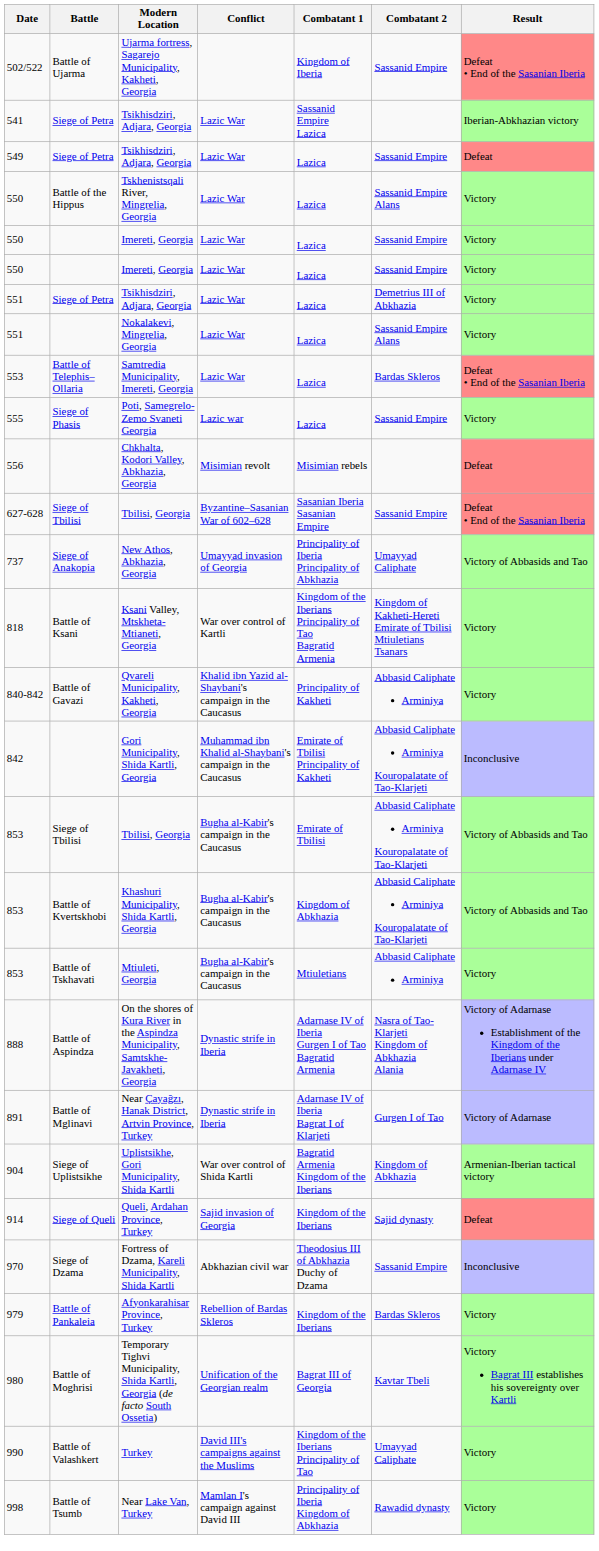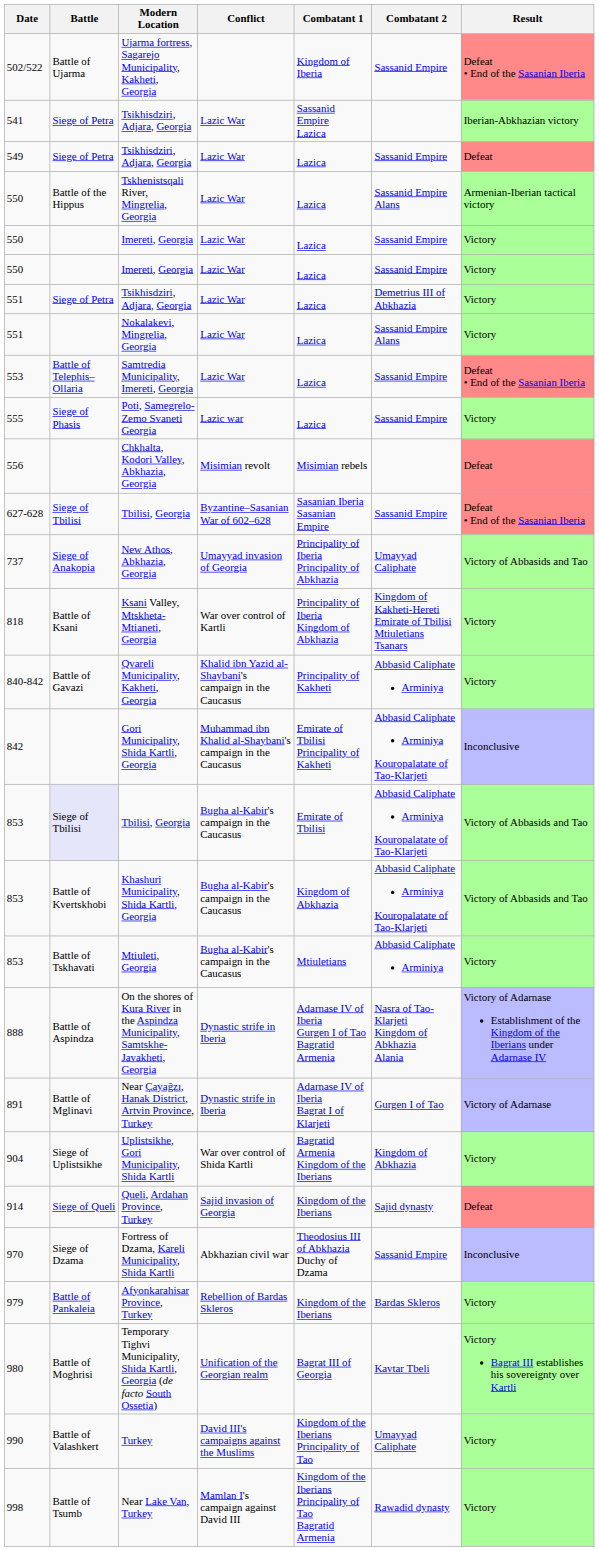 <table class="wikitable" style="text-align: left;">
 <tr>
 <th width="78px">Date</th>
 <th width="131px">Battle</th>
 <th width="131px">Modern Location</th>
 <th width="277px">Conflict</th>
 <th width="180px">Combatant 1</th>
 <th width="180px">Combatant 2</th>
 <th width="330px">Result</th>
 </tr>
 <tr>
 <td>502/522</td>
 <td>Battle of Ujarma</td>
 <td><a href='#'>Ujarma fortress</a>, <a href='#'>Sagarejo Municipality</a>, <a href='#'>Kakheti</a>, <a href='#'>Georgia</a> </td>
 <td></td>
 <td> <a href='#'>Kingdom of Iberia</a></td>
 <td> <a href='#'>Sassanid Empire</a></td>
 <td style="background:#F88">Defeat<br>• End of the <a href='#'>Sasanian Iberia</a></td>
 </tr>
 <tr>
 <td>541</td>
 <td><a href='#'>Siege of Petra</a></td>
 <td><a href='#'>Tsikhisdziri</a>, <a href='#'>Adjara</a>, <a href='#'>Georgia</a> </td>
 <td><a href='#'>Lazic War</a></td>
 <td> <a href='#'>Sassanid Empire</a><br><a href='#'>Lazica</a></td>
 <td></td>
 <td style="background:#AF9">Iberian-Abkhazian victory</td>
 </tr>
 <tr>
 <td>549</td>
 <td><a href='#'>Siege of Petra</a></td>
 <td><a href='#'>Tsikhisdziri</a>, <a href='#'>Adjara</a>, <a href='#'>Georgia</a> </td>
 <td><a href='#'>Lazic War</a></td>
 <td><br><a href='#'>Lazica</a></td>
 <td> <a href='#'>Sassanid Empire</a></td>
 <td style="background:#F88">Defeat</td>
 </tr>
 <tr>
 <td>550</td>
 <td>Battle of the Hippus</td>
 <td><a href='#'>Tskhenistsqali</a> River, <a href='#'>Mingrelia</a>, <a href='#'>Georgia</a> </td>
 <td><a href='#'>Lazic War</a></td>
 <td><br><a href='#'>Lazica</a></td>
 <td> <a href='#'>Sassanid Empire</a><br><a href='#'>Alans</a></td>
-<td style="background:#AF9">Victory</td>
+<td style="background:#AF9">Armenian-Iberian tactical victory</td>
 </tr>
 <tr>
 <td>550</td>
 <td></td>
 <td><a href='#'>Imereti</a>, <a href='#'>Georgia</a><br></td>
 <td><a href='#'>Lazic War</a></td>
 <td><br><a href='#'>Lazica</a></td>
 <td> <a href='#'>Sassanid Empire</a></td>
 <td style="background:#AF9">Victory</td>
 </tr>
 <tr>
 <td>550</td>
 <td></td>
 <td><a href='#'>Imereti</a>, <a href='#'>Georgia</a><br></td>
 <td><a href='#'>Lazic War</a></td>
 <td><br><a href='#'>Lazica</a></td>
 <td> <a href='#'>Sassanid Empire</a></td>
 <td style="background:#AF9">Victory</td>
 </tr>
 <tr>
 <td>551</td>
 <td><a href='#'>Siege of Petra</a></td>
 <td><a href='#'>Tsikhisdziri</a>, <a href='#'>Adjara</a>, <a href='#'>Georgia</a> </td>
 <td><a href='#'>Lazic War</a></td>
 <td><br><a href='#'>Lazica</a></td>
 <td> <a href='#'>Demetrius III of Abkhazia</a></td>
 <td style="background:#AF9">Victory</td>
 </tr>
 <tr>
 <td>551</td>
 <td></td>
 <td><a href='#'>Nokalakevi</a>, <a href='#'>Mingrelia</a>, <a href='#'>Georgia</a> </td>
 <td><a href='#'>Lazic War</a></td>
 <td><br><a href='#'>Lazica</a></td>
 <td> <a href='#'>Sassanid Empire</a><br><a href='#'>Alans</a></td>
 <td style="background:#AF9">Victory</td>
 </tr>
 <tr>
 <td>553</td>
 <td><a href='#'>Battle of Telephis–Ollaria</a></td>
 <td><a href='#'>Samtredia Municipality</a>, <a href='#'>Imereti</a>, <a href='#'>Georgia</a> </td>
 <td><a href='#'>Lazic War</a></td>
 <td><br><a href='#'>Lazica</a></td>
-<td><a href='#'>Bardas Skleros</a></td>
+<td> <a href='#'>Sassanid Empire</a></td>
 <td style="background:#F88">Defeat<br>• End of the <a href='#'>Sasanian Iberia</a></td>
 </tr>
 <tr>
 <td>555</td>
 <td><a href='#'>Siege of Phasis</a></td>
 <td><a href='#'>Poti</a>, <a href='#'>Samegrelo-Zemo Svaneti</a> <a href='#'>Georgia</a><br></td>
 <td><a href='#'>Lazic war</a></td>
 <td><br><a href='#'>Lazica</a></td>
 <td> <a href='#'>Sassanid Empire</a></td>
 <td style="background:#AF9">Victory</td>
 </tr>
 <tr>
 <td>556</td>
 <td></td>
 <td><a href='#'>Chkhalta</a>, <a href='#'>Kodori Valley</a>, <a href='#'>Abkhazia</a>, <a href='#'>Georgia</a> </td>
 <td><a href='#'>Misimian</a> revolt</td>
 <td><a href='#'>Misimian</a> rebels</td>
 <td></td>
 <td style="background:#F88">Defeat</td>
 </tr>
 <tr>
 <td>627-628</td>
 <td><a href='#'>Siege of Tbilisi</a></td>
 <td><a href='#'>Tbilisi</a>, <a href='#'>Georgia</a> </td>
 <td><a href='#'>Byzantine–Sasanian War of 602–628</a></td>
 <td> <a href='#'>Sasanian Iberia</a><br> <a href='#'>Sasanian Empire</a></td>
 <td> <a href='#'>Sassanid Empire</a></td>
 <td style="background:#F88">Defeat<br>• End of the <a href='#'>Sasanian Iberia</a></td>
 </tr>
 <tr>
 <td>737</td>
 <td><a href='#'>Siege of Anakopia</a></td>
 <td><a href='#'>New Athos</a>, <a href='#'>Abkhazia</a>, <a href='#'>Georgia</a> </td>
 <td><a href='#'>Umayyad invasion of Georgia</a></td>
 <td> <a href='#'>Principality of Iberia</a><br> <a href='#'>Principality of Abkhazia</a></td>
 <td><a href='#'>Umayyad Caliphate</a></td>
 <td style="background:#AF9">Victory of Abbasids and Tao</td>
 </tr>
 <tr>
 <td>818</td>
 <td>Battle of Ksani</td>
 <td><a href='#'>Ksani</a> Valley, <a href='#'>Mtskheta-Mtianeti</a>, <a href='#'>Georgia</a> </td>
 <td>War over control of Kartli</td>
-<td> <a href='#'>Kingdom of the Iberians</a><br><a href='#'>Principality of Tao</a><br>  <a href='#'>Bagratid Armenia</a></td>
+<td> <a href='#'>Principality of Iberia</a><br> <a href='#'>Kingdom of Abkhazia</a></td>
 <td><a href='#'>Kingdom of Kakheti-Hereti</a><br><a href='#'>Emirate of Tbilisi</a><br><a href='#'>Mtiuletians</a><br><a href='#'>Tsanars</a></td>
 <td style="background:#AF9">Victory</td>
 </tr>
 <tr>
 <td>840-842</td>
 <td>Battle of Gavazi</td>
 <td><a href='#'>Qvareli Municipality</a>, <a href='#'>Kakheti</a>, <a href='#'>Georgia</a> </td>
 <td><a href='#'>Khalid ibn Yazid al-Shaybani</a>'s campaign in the Caucasus</td>
 <td><a href='#'>Principality of Kakheti</a></td>
 <td> <a href='#'>Abbasid Caliphate</a><br><ul><li><a href='#'>Arminiya</a></li></ul></td>
 <td style="background:#AF9">Victory</td>
 </tr>
 <tr>
 <td>842</td>
 <td></td>
 <td><a href='#'>Gori Municipality</a>, <a href='#'>Shida Kartli</a>, <a href='#'>Georgia</a> </td>
 <td><a href='#'>Muhammad ibn Khalid al-Shaybani</a>'s campaign in the Caucasus</td>
 <td><a href='#'>Emirate of Tbilisi</a><br><a href='#'>Principality of Kakheti</a></td>
 <td> <a href='#'>Abbasid Caliphate</a><br><ul><li><a href='#'>Arminiya</a></li></ul><a href='#'>Kouropalatate of Tao-Klarjeti</a></td>
 <td style="background:#BBF">Inconclusive</td>
 </tr>
 <tr>
 <td>853</td>
-<td>Siege of Tbilisi</td>
+<td style="background: lavender;">Siege of Tbilisi</td>
 <td><a href='#'>Tbilisi</a>, <a href='#'>Georgia</a> </td>
 <td><a href='#'>Bugha al-Kabir</a>'s campaign in the Caucasus</td>
 <td><a href='#'>Emirate of Tbilisi</a></td>
 <td> <a href='#'>Abbasid Caliphate</a><br><ul><li><a href='#'>Arminiya</a></li></ul><a href='#'>Kouropalatate of Tao-Klarjeti</a></td>
 <td style="background:#AF9">Victory of Abbasids and Tao</td>
 </tr>
 <tr>
 <td>853</td>
 <td>Battle of Kvertskhobi</td>
 <td><a href='#'>Khashuri Municipality</a>, <a href='#'>Shida Kartli</a>, <a href='#'>Georgia</a> </td>
 <td><a href='#'>Bugha al-Kabir</a>'s campaign in the Caucasus</td>
 <td> <a href='#'>Kingdom of Abkhazia</a></td>
 <td> <a href='#'>Abbasid Caliphate</a><br><ul><li><a href='#'>Arminiya</a></li></ul><a href='#'>Kouropalatate of Tao-Klarjeti</a></td>
 <td style="background:#AF9">Victory of Abbasids and Tao</td>
 </tr>
 <tr>
 <td>853</td>
 <td>Battle of Tskhavati</td>
 <td><a href='#'>Mtiuleti</a>, <a href='#'>Georgia</a> </td>
 <td><a href='#'>Bugha al-Kabir</a>'s campaign in the Caucasus</td>
 <td><a href='#'>Mtiuletians</a></td>
 <td> <a href='#'>Abbasid Caliphate</a><br><ul><li><a href='#'>Arminiya</a></li></ul></td>
 <td style="background:#AF9">Victory</td>
 </tr>
 <tr>
 <td>888</td>
 <td>Battle of Aspindza</td>
 <td>On the shores of <a href='#'>Kura River</a> in the <a href='#'>Aspindza Municipality</a>, <a href='#'>Samtskhe-Javakheti</a>, <a href='#'>Georgia</a> </td>
 <td><a href='#'>Dynastic strife in Iberia</a></td>
 <td><a href='#'>Adarnase IV of Iberia</a><br><a href='#'>Gurgen I of Tao</a><br> <a href='#'>Bagratid Armenia</a></td>
 <td><a href='#'>Nasra of Tao-Klarjeti</a><br> <a href='#'>Kingdom of Abkhazia</a><br><a href='#'>Alania</a></td>
 <td style="background:#BBF">Victory of Adarnase<br><ul><li>Establishment of the <a href='#'>Kingdom of the Iberians</a> under <a href='#'>Adarnase IV</a></li></ul></td>
 </tr>
 <tr>
 <td>891</td>
 <td>Battle of Mglinavi</td>
 <td>Near <a href='#'>Çayağzı</a>, <a href='#'>Hanak District</a>, <a href='#'>Artvin Province</a>, <a href='#'>Turkey</a> </td>
 <td><a href='#'>Dynastic strife in Iberia</a></td>
 <td><a href='#'>Adarnase IV of Iberia</a><br><a href='#'>Bagrat I of Klarjeti</a></td>
 <td><a href='#'>Gurgen I of Tao</a></td>
 <td style="background:#BBF">Victory of Adarnase</td>
 </tr>
 <tr>
 <td>904</td>
 <td>Siege of Uplistsikhe</td>
 <td><a href='#'>Uplistsikhe</a>, <a href='#'>Gori Municipality</a>, <a href='#'>Shida Kartli</a> </td>
 <td>War over control of Shida Kartli</td>
 <td> <a href='#'>Bagratid Armenia</a><br> <a href='#'>Kingdom of the Iberians</a></td>
 <td> <a href='#'>Kingdom of Abkhazia</a></td>
-<td style="background:#AF9">Armenian-Iberian tactical victory</td>
+<td style="background:#AF9">Victory</td>
 </tr>
 <tr>
 <td>914</td>
 <td><a href='#'>Siege of Queli</a></td>
 <td><a href='#'>Queli</a>, <a href='#'>Ardahan Province</a>, <a href='#'>Turkey</a> </td>
 <td><a href='#'>Sajid invasion of Georgia</a></td>
 <td> <a href='#'>Kingdom of the Iberians</a></td>
 <td><a href='#'>Sajid dynasty</a></td>
 <td style="background:#F88">Defeat</td>
 </tr>
 <tr>
 <td>970</td>
 <td>Siege of Dzama</td>
 <td>Fortress of Dzama, <a href='#'>Kareli Municipality</a>, <a href='#'>Shida Kartli</a> </td>
 <td>Abkhazian civil war</td>
 <td> <a href='#'>Theodosius III of Abkhazia</a><br>Duchy of Dzama</td>
 <td> <a href='#'>Sassanid Empire</a></td>
 <td style="background:#BBF">Inconclusive</td>
 </tr>
 <tr>
 <td>979</td>
 <td><a href='#'>Battle of Pankaleia</a></td>
 <td><a href='#'>Afyonkarahisar Province</a>, <a href='#'>Turkey</a> </td>
 <td><a href='#'>Rebellion of Bardas Skleros</a></td>
 <td><br> <a href='#'>Kingdom of the Iberians</a></td>
 <td><a href='#'>Bardas Skleros</a></td>
 <td style="background:#AF9">Victory</td>
 </tr>
 <tr>
 <td>980</td>
 <td>Battle of Moghrisi</td>
 <td>Temporary Tighvi Municipality, <a href='#'>Shida Kartli</a>, <a href='#'>Georgia</a>  (<em>de facto</em> <a href='#'>South Ossetia</a>)</td>
 <td><a href='#'>Unification of the Georgian realm</a></td>
 <td> <a href='#'>Bagrat III of Georgia</a></td>
 <td><a href='#'>Kavtar Tbeli</a></td>
 <td style="background:#AF9">Victory<br><ul><li><a href='#'>Bagrat III</a> establishes his sovereignty over <a href='#'>Kartli</a></li></ul></td>
 </tr>
 <tr>
 <td>990</td>
 <td>Battle of Valashkert</td>
 <td><a href='#'>Turkey</a> </td>
 <td><a href='#'>David III's campaigns against the Muslims</a></td>
 <td> <a href='#'>Kingdom of the Iberians</a><br><a href='#'>Principality of Tao</a></td>
 <td><a href='#'>Umayyad Caliphate</a></td>
 <td style="background:#AF9">Victory</td>
 </tr>
 <tr>
 <td>998</td>
 <td>Battle of Tsumb</td>
 <td>Near <a href='#'>Lake Van</a>, <a href='#'>Turkey</a> </td>
 <td><a href='#'>Mamlan I</a>'s campaign against David III</td>
-<td> <a href='#'>Principality of Iberia</a><br> <a href='#'>Kingdom of Abkhazia</a></td>
+<td> <a href='#'>Kingdom of the Iberians</a><br><a href='#'>Principality of Tao</a><br>  <a href='#'>Bagratid Armenia</a></td>
 <td><a href='#'>Rawadid dynasty</a></td>
 <td style="background:#AF9">Victory</td>
 </tr>
 </table>
